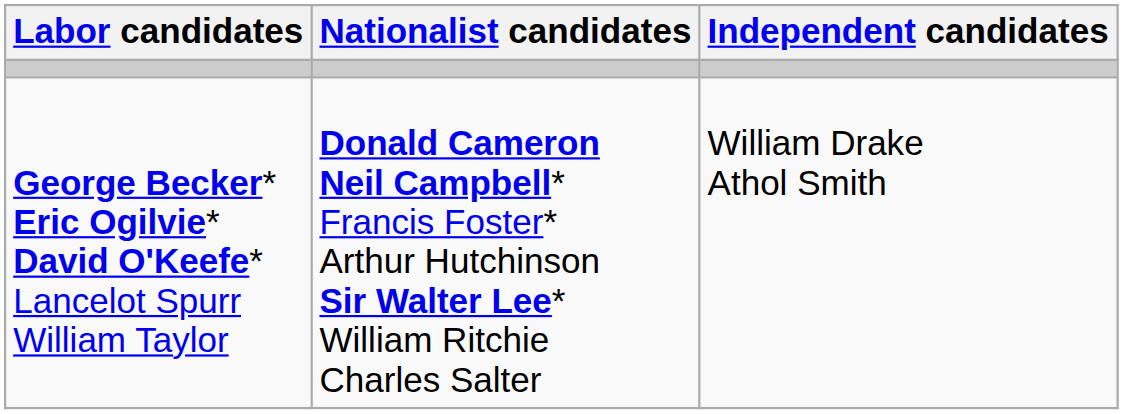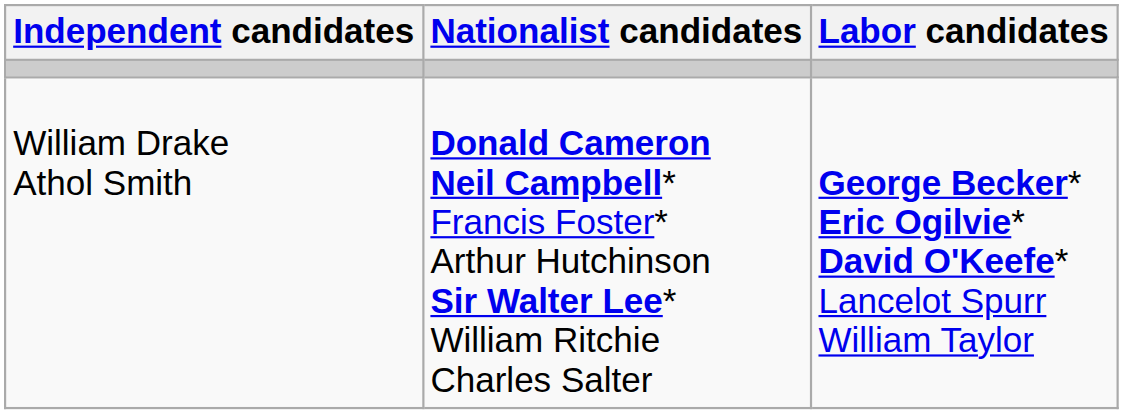 <table class="wikitable">
 <tr>
+<th><a href='#'>Independent</a> candidates</th>
+<th><a href='#'>Nationalist</a> candidates</th>
 <th><a href='#'>Labor</a> candidates</th>
-<th><a href='#'>Nationalist</a> candidates</th>
-<th><a href='#'>Independent</a> candidates</th>
 </tr>
 <tr bgcolor="#cccccc">
 <td></td>
 <td></td>
 <td></td>
 </tr>
 <tr>
+<td valign=top><br>William Drake<br> Athol Smith</td>
+<td><br><strong><a href='#'>Donald Cameron</a></strong><br> <strong><a href='#'>Neil Campbell</a></strong>*<br> <a href='#'>Francis Foster</a>*<br> Arthur Hutchinson<br> <strong><a href='#'>Sir Walter Lee</a></strong>*<br> William Ritchie<br> Charles Salter</td>
 <td><br><strong><a href='#'>George Becker</a></strong>*<br> <strong><a href='#'>Eric Ogilvie</a></strong>*<br> <strong><a href='#'>David O'Keefe</a></strong>*<br> <a href='#'>Lancelot Spurr</a><br> <a href='#'>William Taylor</a></td>
-<td><br><strong><a href='#'>Donald Cameron</a></strong><br> <strong><a href='#'>Neil Campbell</a></strong>*<br> <a href='#'>Francis Foster</a>*<br> Arthur Hutchinson<br> <strong><a href='#'>Sir Walter Lee</a></strong>*<br> William Ritchie<br> Charles Salter</td>
-<td valign=top><br>William Drake<br> Athol Smith</td>
 </tr>
 </table>
